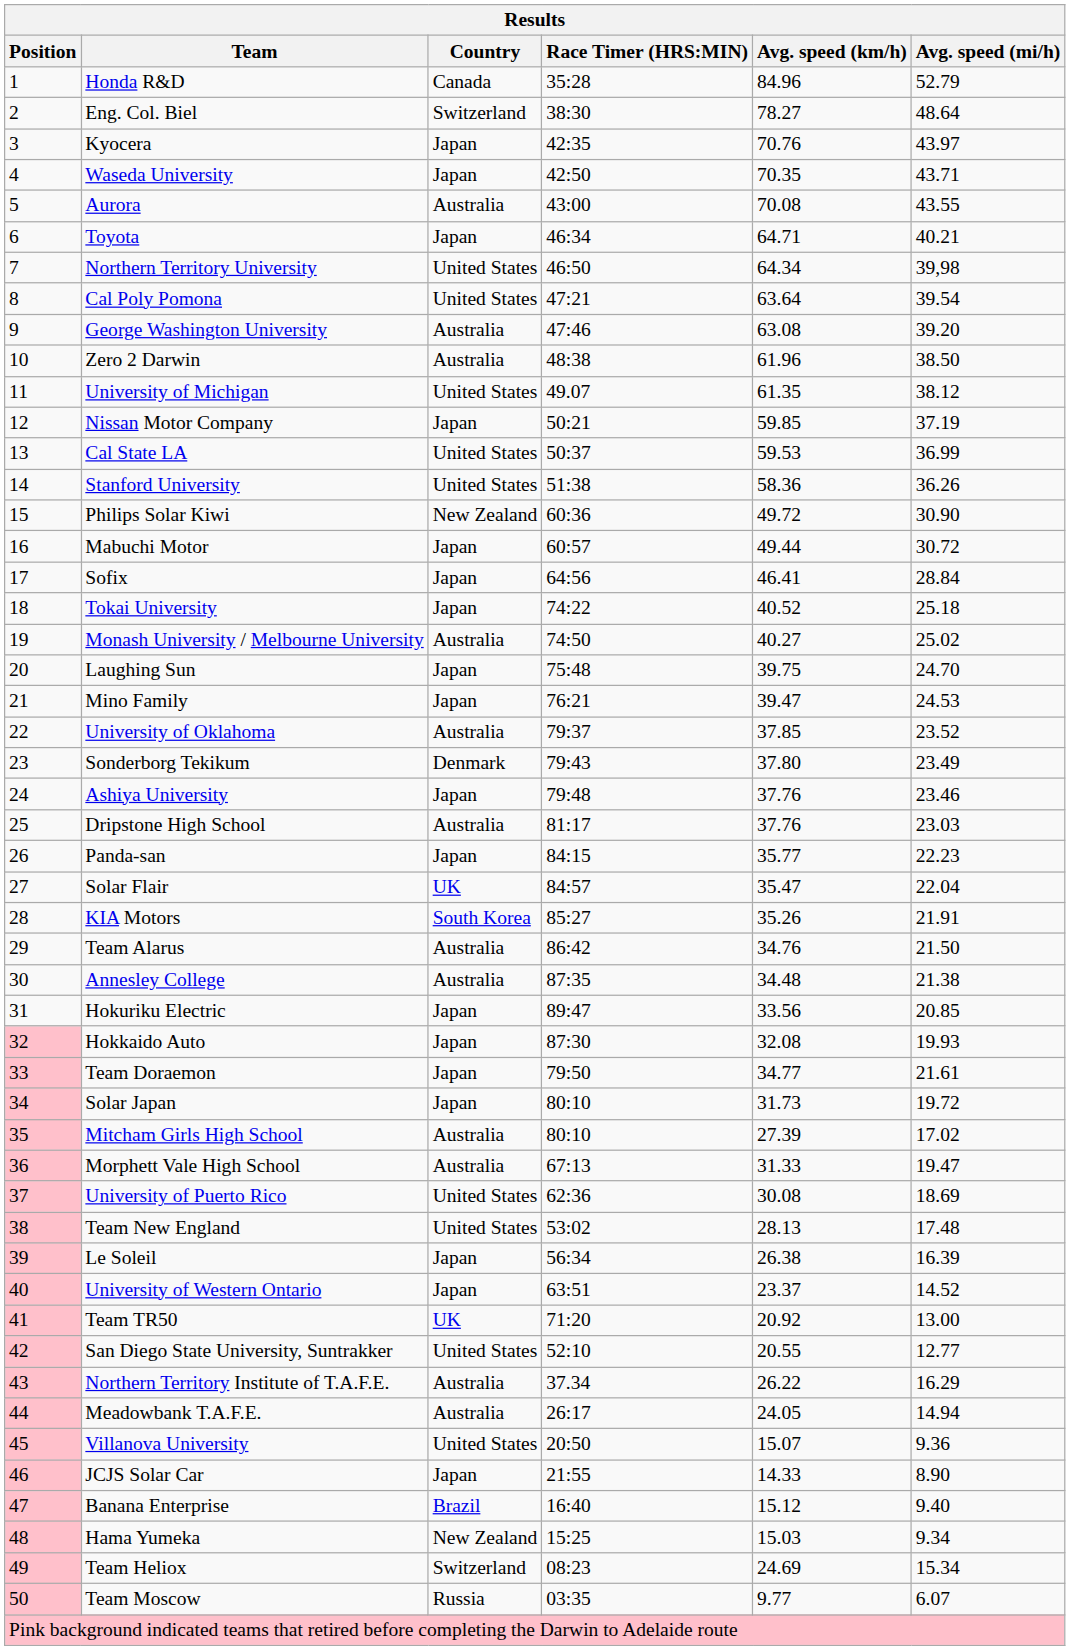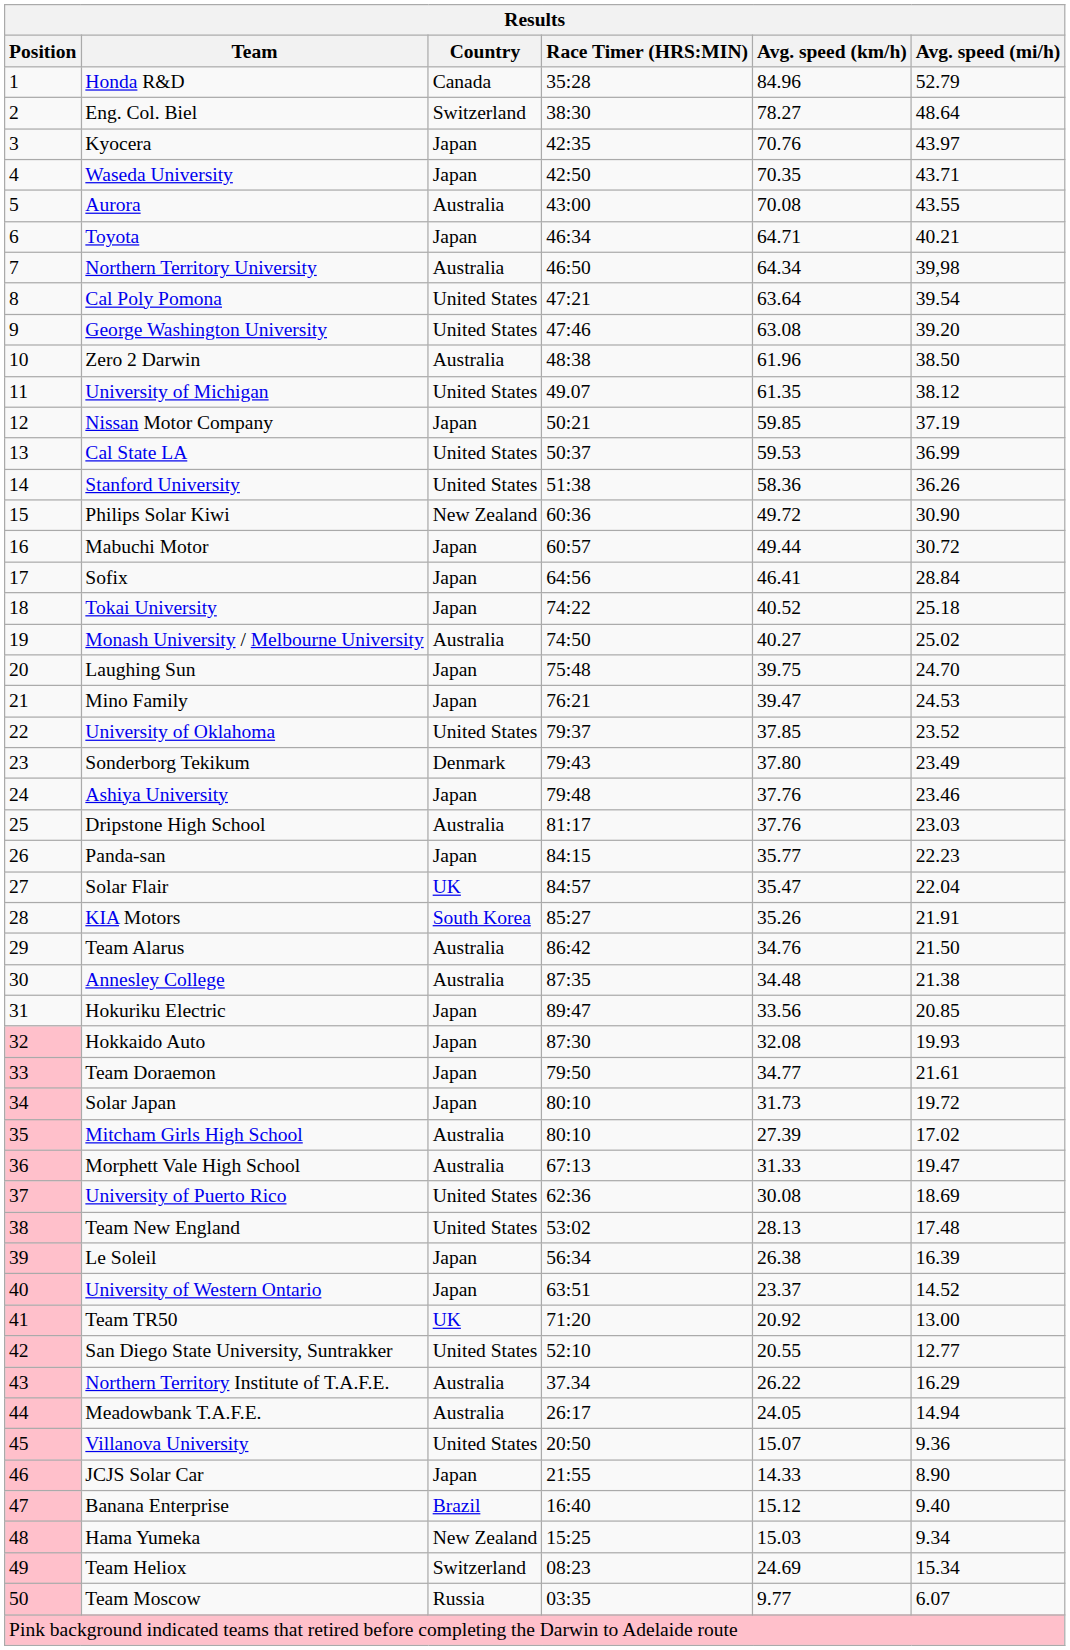 <table class="wikitable collapsible collapsed" style="min-width:50em;">
 <tr>
 <th colspan=6>Results</th>
 </tr>
 <tr>
 <th>Position</th>
 <th>Team</th>
 <th>Country</th>
 <th>Race Timer (HRS:MIN)</th>
 <th>Avg. speed (km/h)</th>
 <th>Avg. speed (mi/h)</th>
 </tr>
 <tr>
 <td>1</td>
 <td><a href='#'>Honda</a> R&D</td>
 <td>Canada</td>
 <td>35:28</td>
 <td>84.96</td>
 <td>52.79</td>
 </tr>
 <tr>
 <td>2</td>
 <td>Eng. Col. Biel</td>
 <td>Switzerland</td>
 <td>38:30</td>
 <td>78.27</td>
 <td>48.64</td>
 </tr>
 <tr>
 <td>3</td>
 <td>Kyocera</td>
 <td>Japan</td>
 <td>42:35</td>
 <td>70.76</td>
 <td>43.97</td>
 </tr>
 <tr>
 <td>4</td>
 <td><a href='#'>Waseda University</a></td>
 <td>Japan</td>
 <td>42:50</td>
 <td>70.35</td>
 <td>43.71</td>
 </tr>
 <tr>
 <td>5</td>
 <td><a href='#'>Aurora</a></td>
 <td>Australia</td>
 <td>43:00</td>
 <td>70.08</td>
 <td>43.55</td>
 </tr>
 <tr>
 <td>6</td>
 <td><a href='#'>Toyota</a></td>
 <td>Japan</td>
 <td>46:34</td>
 <td>64.71</td>
 <td>40.21</td>
 </tr>
 <tr>
 <td>7</td>
 <td><a href='#'>Northern Territory University</a></td>
-<td>United States</td>
+<td>Australia</td>
 <td>46:50</td>
 <td>64.34</td>
 <td>39,98</td>
 </tr>
 <tr>
 <td>8</td>
 <td><a href='#'>Cal Poly Pomona</a></td>
 <td>United States</td>
 <td>47:21</td>
 <td>63.64</td>
 <td>39.54</td>
 </tr>
 <tr>
 <td>9</td>
 <td><a href='#'>George Washington University</a></td>
-<td>Australia</td>
+<td>United States</td>
 <td>47:46</td>
 <td>63.08</td>
 <td>39.20</td>
 </tr>
 <tr>
 <td>10</td>
 <td>Zero 2 Darwin</td>
 <td>Australia</td>
 <td>48:38</td>
 <td>61.96</td>
 <td>38.50</td>
 </tr>
 <tr>
 <td>11</td>
 <td><a href='#'>University of Michigan</a></td>
 <td>United States</td>
 <td>49.07</td>
 <td>61.35</td>
 <td>38.12</td>
 </tr>
 <tr>
 <td>12</td>
 <td><a href='#'>Nissan</a> Motor Company</td>
 <td>Japan</td>
 <td>50:21</td>
 <td>59.85</td>
 <td>37.19</td>
 </tr>
 <tr>
 <td>13</td>
 <td><a href='#'>Cal State LA</a></td>
 <td>United States</td>
 <td>50:37</td>
 <td>59.53</td>
 <td>36.99</td>
 </tr>
 <tr>
 <td>14</td>
 <td><a href='#'>Stanford University</a></td>
 <td>United States</td>
 <td>51:38</td>
 <td>58.36</td>
 <td>36.26</td>
 </tr>
 <tr>
 <td>15</td>
 <td>Philips Solar Kiwi</td>
 <td>New Zealand</td>
 <td>60:36</td>
 <td>49.72</td>
 <td>30.90</td>
 </tr>
 <tr>
 <td>16</td>
 <td>Mabuchi Motor</td>
 <td>Japan</td>
 <td>60:57</td>
 <td>49.44</td>
 <td>30.72</td>
 </tr>
 <tr>
 <td>17</td>
 <td>Sofix</td>
 <td>Japan</td>
 <td>64:56</td>
 <td>46.41</td>
 <td>28.84</td>
 </tr>
 <tr>
 <td>18</td>
 <td><a href='#'>Tokai University</a></td>
 <td>Japan</td>
 <td>74:22</td>
 <td>40.52</td>
 <td>25.18</td>
 </tr>
 <tr>
 <td>19</td>
 <td><a href='#'>Monash University</a> / <a href='#'>Melbourne University</a></td>
 <td>Australia</td>
 <td>74:50</td>
 <td>40.27</td>
 <td>25.02</td>
 </tr>
 <tr>
 <td>20</td>
 <td>Laughing Sun</td>
 <td>Japan</td>
 <td>75:48</td>
 <td>39.75</td>
 <td>24.70</td>
 </tr>
 <tr>
 <td>21</td>
 <td>Mino Family</td>
 <td>Japan</td>
 <td>76:21</td>
 <td>39.47</td>
 <td>24.53</td>
 </tr>
 <tr>
 <td>22</td>
 <td><a href='#'>University of Oklahoma</a></td>
-<td>Australia</td>
+<td>United States</td>
 <td>79:37</td>
 <td>37.85</td>
 <td>23.52</td>
 </tr>
 <tr>
 <td>23</td>
 <td>Sonderborg Tekikum</td>
 <td>Denmark</td>
 <td>79:43</td>
 <td>37.80</td>
 <td>23.49</td>
 </tr>
 <tr>
 <td>24</td>
 <td><a href='#'>Ashiya University</a></td>
 <td>Japan</td>
 <td>79:48</td>
 <td>37.76</td>
 <td>23.46</td>
 </tr>
 <tr>
 <td>25</td>
 <td>Dripstone High School</td>
 <td>Australia</td>
 <td>81:17</td>
 <td>37.76</td>
 <td>23.03</td>
 </tr>
 <tr>
 <td>26</td>
 <td>Panda-san</td>
 <td>Japan</td>
 <td>84:15</td>
 <td>35.77</td>
 <td>22.23</td>
 </tr>
 <tr>
 <td>27</td>
 <td>Solar Flair</td>
 <td><a href='#'>UK</a></td>
 <td>84:57</td>
 <td>35.47</td>
 <td>22.04</td>
 </tr>
 <tr>
 <td>28</td>
 <td><a href='#'>KIA</a> Motors</td>
 <td><a href='#'>South Korea</a></td>
 <td>85:27</td>
 <td>35.26</td>
 <td>21.91</td>
 </tr>
 <tr>
 <td>29</td>
 <td>Team Alarus</td>
 <td>Australia</td>
 <td>86:42</td>
 <td>34.76</td>
 <td>21.50</td>
 </tr>
 <tr>
 <td>30</td>
 <td><a href='#'>Annesley College</a></td>
 <td>Australia</td>
 <td>87:35</td>
 <td>34.48</td>
 <td>21.38</td>
 </tr>
 <tr>
 <td>31</td>
 <td>Hokuriku Electric</td>
 <td>Japan</td>
 <td>89:47</td>
 <td>33.56</td>
 <td>20.85</td>
 </tr>
 <tr>
 <td style="background: pink;">32</td>
 <td>Hokkaido Auto</td>
 <td>Japan</td>
 <td>87:30</td>
 <td>32.08</td>
 <td>19.93</td>
 </tr>
 <tr>
 <td style="background: pink;">33</td>
 <td>Team Doraemon</td>
 <td>Japan</td>
 <td>79:50</td>
 <td>34.77</td>
 <td>21.61</td>
 </tr>
 <tr>
 <td style="background: pink;">34</td>
 <td>Solar Japan</td>
 <td>Japan</td>
 <td>80:10</td>
 <td>31.73</td>
 <td>19.72</td>
 </tr>
 <tr>
 <td style="background: pink;">35</td>
 <td><a href='#'>Mitcham Girls High School</a></td>
 <td>Australia</td>
 <td>80:10</td>
 <td>27.39</td>
 <td>17.02</td>
 </tr>
 <tr>
 <td style="background: pink;">36</td>
 <td>Morphett Vale High School</td>
 <td>Australia</td>
 <td>67:13</td>
 <td>31.33</td>
 <td>19.47</td>
 </tr>
 <tr>
 <td style="background: pink;">37</td>
 <td><a href='#'>University of Puerto Rico</a></td>
 <td>United States</td>
 <td>62:36</td>
 <td>30.08</td>
 <td>18.69</td>
 </tr>
 <tr>
 <td style="background: pink;">38</td>
 <td>Team New England</td>
 <td>United States</td>
 <td>53:02</td>
 <td>28.13</td>
 <td>17.48</td>
 </tr>
 <tr>
 <td style="background: pink;">39</td>
 <td>Le Soleil</td>
 <td>Japan</td>
 <td>56:34</td>
 <td>26.38</td>
 <td>16.39</td>
 </tr>
 <tr>
 <td style="background: pink;">40</td>
 <td><a href='#'>University of Western Ontario</a></td>
 <td>Japan</td>
 <td>63:51</td>
 <td>23.37</td>
 <td>14.52</td>
 </tr>
 <tr>
 <td style="background: pink;">41</td>
 <td>Team TR50</td>
 <td><a href='#'>UK</a></td>
 <td>71:20</td>
 <td>20.92</td>
 <td>13.00</td>
 </tr>
 <tr>
 <td style="background: pink;">42</td>
 <td>San Diego State University, Suntrakker</td>
 <td>United States</td>
 <td>52:10</td>
 <td>20.55</td>
 <td>12.77</td>
 </tr>
 <tr>
 <td style="background: pink;">43</td>
 <td><a href='#'>Northern Territory</a> Institute of T.A.F.E.</td>
 <td>Australia</td>
 <td>37.34</td>
 <td>26.22</td>
 <td>16.29</td>
 </tr>
 <tr>
 <td style="background: pink;">44</td>
 <td>Meadowbank T.A.F.E.</td>
 <td>Australia</td>
 <td>26:17</td>
 <td>24.05</td>
 <td>14.94</td>
 </tr>
 <tr>
 <td style="background: pink;">45</td>
 <td><a href='#'>Villanova University</a></td>
 <td>United States</td>
 <td>20:50</td>
 <td>15.07</td>
 <td>9.36</td>
 </tr>
 <tr>
 <td style="background: pink;">46</td>
 <td>JCJS Solar Car</td>
 <td>Japan</td>
 <td>21:55</td>
 <td>14.33</td>
 <td>8.90</td>
 </tr>
 <tr>
 <td style="background: pink;">47</td>
 <td>Banana Enterprise</td>
 <td><a href='#'>Brazil</a></td>
 <td>16:40</td>
 <td>15.12</td>
 <td>9.40</td>
 </tr>
 <tr>
 <td style="background: pink;">48</td>
 <td>Hama Yumeka</td>
 <td>New Zealand</td>
 <td>15:25</td>
 <td>15.03</td>
 <td>9.34</td>
 </tr>
 <tr>
 <td style="background: pink;">49</td>
 <td>Team Heliox</td>
 <td>Switzerland</td>
 <td>08:23</td>
 <td>24.69</td>
 <td>15.34</td>
 </tr>
 <tr>
 <td style="background: pink;">50</td>
 <td>Team Moscow</td>
 <td>Russia</td>
 <td>03:35</td>
 <td>9.77</td>
 <td>6.07</td>
 </tr>
 <tr>
 <td colspan=6 style="background: pink;"><div>Pink background indicated teams that retired before completing the Darwin to Adelaide route</div></td>
 </tr>
 </table>
